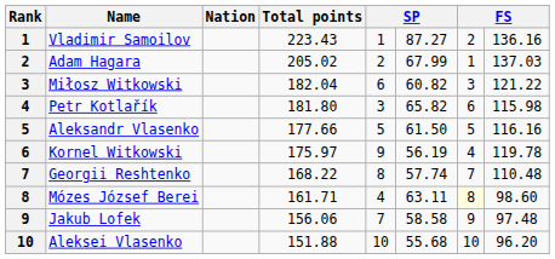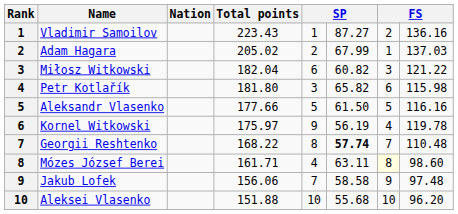 <table class="wikitable sortable">
 <tr>
 <th>Rank</th>
 <th>Name</th>
 <th>Nation</th>
 <th>Total points</th>
 <th colspan=2 width=80px><a href='#'>SP</a></th>
 <th colspan=2 width=80px><a href='#'>FS</a></th>
 </tr>
 <tr>
 <th>1</th>
 <td><a href='#'>Vladimir Samoilov</a></td>
 <td></td>
 <td align=center>223.43</td>
 <td align=center>1</td>
 <td align=center>87.27</td>
 <td align=center>2</td>
 <td align=center>136.16</td>
 </tr>
 <tr>
 <th>2</th>
 <td><a href='#'>Adam Hagara</a></td>
 <td></td>
 <td align=center>205.02</td>
 <td align=center>2</td>
 <td align=center>67.99</td>
 <td align=center>1</td>
 <td align=center>137.03</td>
 </tr>
 <tr>
 <th>3</th>
 <td><a href='#'>Miłosz Witkowski</a></td>
 <td></td>
 <td align="center">182.04</td>
 <td align="center">6</td>
 <td align="center">60.82</td>
 <td align="center">3</td>
 <td align="center">121.22</td>
 </tr>
 <tr>
 <th>4</th>
 <td><a href='#'>Petr Kotlařík</a></td>
 <td></td>
 <td align="center">181.80</td>
 <td align="center">3</td>
 <td align="center">65.82</td>
 <td align="center">6</td>
 <td align="center">115.98</td>
 </tr>
 <tr>
 <th>5</th>
 <td><a href='#'>Aleksandr Vlasenko</a></td>
 <td></td>
 <td align="center">177.66</td>
 <td align="center">5</td>
 <td align="center">61.50</td>
 <td align="center">5</td>
 <td align="center">116.16</td>
 </tr>
 <tr>
 <th>6</th>
 <td><a href='#'>Kornel Witkowski</a></td>
 <td></td>
 <td align="center">175.97</td>
 <td align="center">9</td>
 <td align="center">56.19</td>
 <td align="center">4</td>
 <td align="center">119.78</td>
 </tr>
 <tr>
 <th>7</th>
 <td><a href='#'>Georgii Reshtenko</a></td>
 <td></td>
 <td align="center">168.22</td>
 <td align="center">8</td>
-<td align="center">57.74</td>
+<td align="center"><strong>57.74</strong></td>
 <td align="center">7</td>
 <td align="center">110.48</td>
 </tr>
 <tr>
 <th>8</th>
 <td><a href='#'>Mózes József Berei</a></td>
 <td></td>
 <td align="center">161.71</td>
 <td align="center">4</td>
 <td align="center">63.11</td>
 <td align="center" style="background: lightyellow;">8</td>
 <td align="center">98.60</td>
 </tr>
 <tr>
 <th>9</th>
 <td><a href='#'>Jakub Lofek</a></td>
 <td></td>
 <td align=center>156.06</td>
 <td align=center>7</td>
 <td align=center>58.58</td>
 <td align=center>9</td>
 <td align=center>97.48</td>
 </tr>
 <tr>
 <th>10</th>
 <td><a href='#'>Aleksei Vlasenko</a></td>
 <td></td>
 <td align=center>151.88</td>
 <td align=center>10</td>
 <td align=center>55.68</td>
 <td align=center>10</td>
 <td align=center>96.20</td>
 </tr>
 </table>
